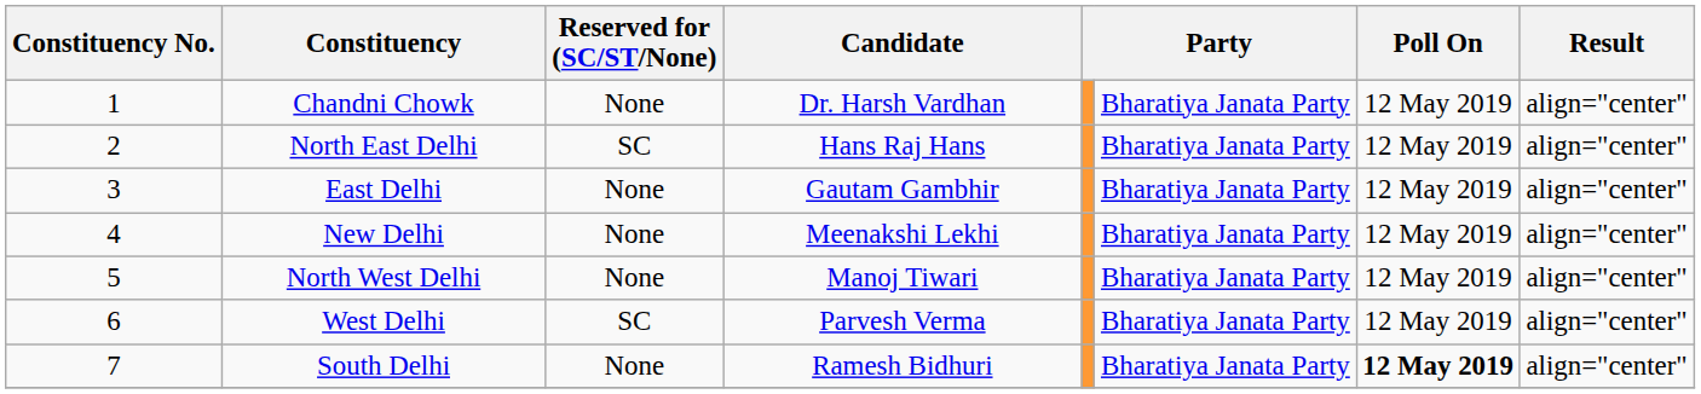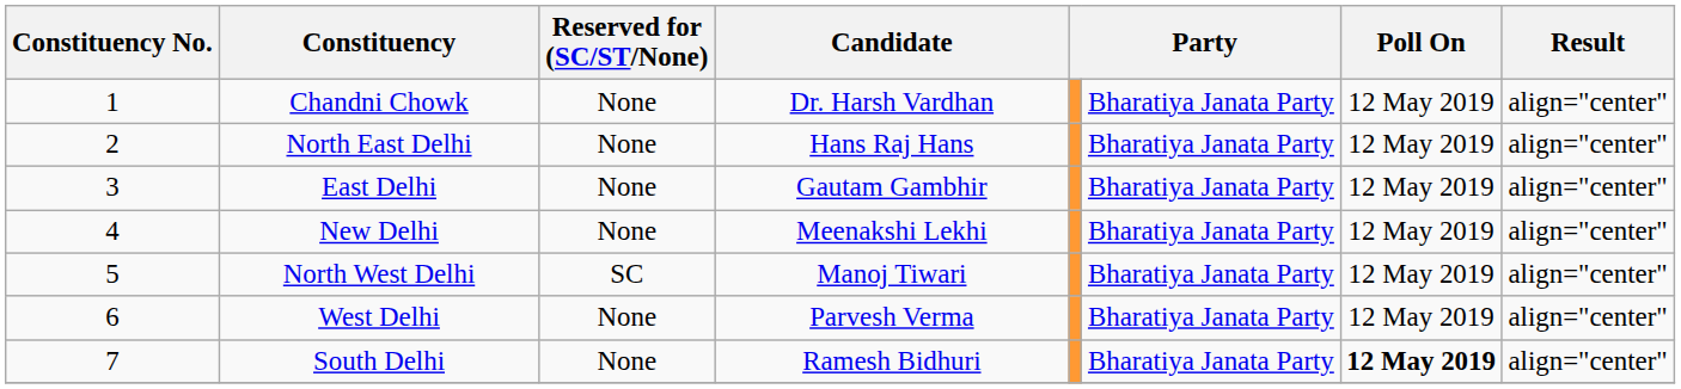 <table class="wikitable sortable" style="text-align:center;">
 <tr>
 <th>Constituency No.</th>
 <th style="width:180px;">Constituency</th>
 <th>Reserved for<br>(<a href='#'>SC/ST</a>/None)</th>
 <th style="width:200px;">Candidate</th>
 <th colspan="2">Party</th>
 <th>Poll On</th>
 <th>Result</th>
 </tr>
 <tr>
 <td align="center">1</td>
 <td><a href='#'>Chandni Chowk</a></td>
 <td align="center">None</td>
 <td><a href='#'>Dr. Harsh Vardhan</a></td>
 <td bgcolor=#FF9933></td>
 <td><a href='#'>Bharatiya Janata Party</a></td>
 <td align="center">12 May 2019</td>
 <td>align="center" </td>
 </tr>
 <tr>
 <td align="center">2</td>
 <td><a href='#'>North East Delhi</a></td>
-<td align="center">SC</td>
+<td align="center">None</td>
 <td><a href='#'>Hans Raj Hans</a></td>
 <td bgcolor=#FF9933></td>
 <td><a href='#'>Bharatiya Janata Party</a></td>
 <td align="center">12 May 2019</td>
 <td>align="center" </td>
 </tr>
 <tr>
 <td align="center">3</td>
 <td><a href='#'>East Delhi</a></td>
 <td align="center">None</td>
 <td><a href='#'>Gautam Gambhir</a></td>
 <td bgcolor=#FF9933></td>
 <td><a href='#'>Bharatiya Janata Party</a></td>
 <td align="center">12 May 2019</td>
 <td>align="center" </td>
 </tr>
 <tr>
 <td align="center">4</td>
 <td><a href='#'>New Delhi</a></td>
 <td align="center">None</td>
 <td><a href='#'>Meenakshi Lekhi</a></td>
 <td bgcolor=#FF9933></td>
 <td><a href='#'>Bharatiya Janata Party</a></td>
 <td align="center">12 May 2019</td>
 <td>align="center" </td>
 </tr>
 <tr>
 <td align="center">5</td>
 <td><a href='#'>North West Delhi</a></td>
-<td align="center">None</td>
+<td align="center">SC</td>
 <td><a href='#'>Manoj Tiwari</a></td>
 <td bgcolor=#FF9933></td>
 <td><a href='#'>Bharatiya Janata Party</a></td>
 <td align="center">12 May 2019</td>
 <td>align="center" </td>
 </tr>
 <tr>
 <td align="center">6</td>
 <td><a href='#'>West Delhi</a></td>
-<td align="center">SC</td>
+<td align="center">None</td>
 <td><a href='#'>Parvesh Verma</a></td>
 <td bgcolor=#FF9933></td>
 <td><a href='#'>Bharatiya Janata Party</a></td>
 <td align="center">12 May 2019</td>
 <td>align="center" </td>
 </tr>
 <tr>
 <td align="center">7</td>
 <td><a href='#'>South Delhi</a></td>
 <td align="center">None</td>
 <td><a href='#'>Ramesh Bidhuri</a></td>
 <td bgcolor=#FF9933></td>
 <td><a href='#'>Bharatiya Janata Party</a></td>
 <td align="center"><strong>12 May 2019</strong></td>
 <td>align="center" </td>
 </tr>
 <tr>
 </tr>
 </table>
